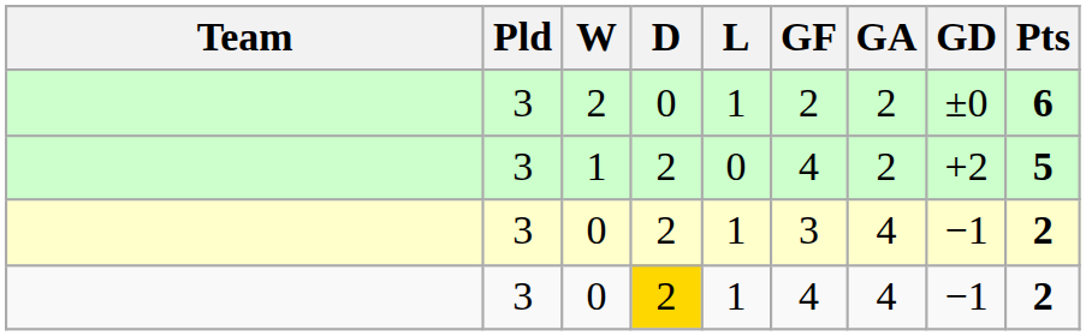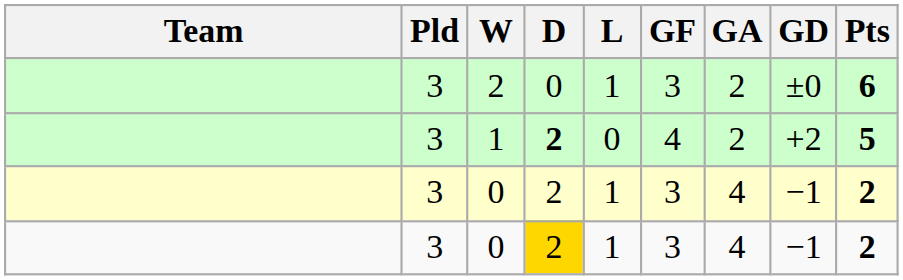 <table class="wikitable" style="text-align:center;">
 <tr>
 <th width=180>Team</th>
 <th width=20>Pld</th>
 <th width=20>W</th>
 <th width=20>D</th>
 <th width=20>L</th>
 <th width=20>GF</th>
 <th width=20>GA</th>
 <th width=20>GD</th>
 <th width=20>Pts</th>
 </tr>
 <tr align=center style="background:#ccffcc;">
 <td style="text-align:left;"></td>
 <td>3</td>
 <td>2</td>
 <td>0</td>
 <td>1</td>
-<td>2</td>
+<td>3</td>
 <td>2</td>
 <td>±0</td>
 <td><strong>6</strong></td>
 </tr>
 <tr align=center style="background:#ccffcc;">
 <td style="text-align:left;"></td>
 <td>3</td>
 <td>1</td>
-<td>2</td>
+<td><strong>2</strong></td>
 <td>0</td>
 <td>4</td>
 <td>2</td>
 <td>+2</td>
 <td><strong>5</strong></td>
 </tr>
 <tr align=center style="background:#ffffcc;">
 <td style="text-align:left;"></td>
 <td>3</td>
 <td>0</td>
 <td>2</td>
 <td>1</td>
 <td>3</td>
 <td>4</td>
 <td>−1</td>
 <td><strong>2</strong></td>
 </tr>
 <tr align=center>
 <td style="text-align:left;"></td>
 <td>3</td>
 <td>0</td>
 <td style="background: gold;">2</td>
 <td>1</td>
-<td>4</td>
+<td>3</td>
 <td>4</td>
 <td>−1</td>
 <td><strong>2</strong></td>
 </tr>
 </table>
